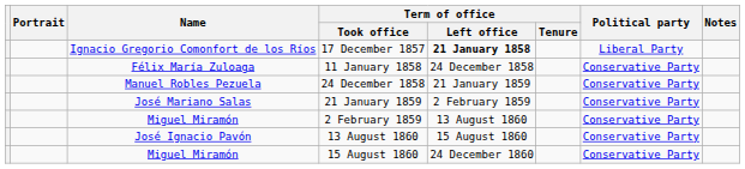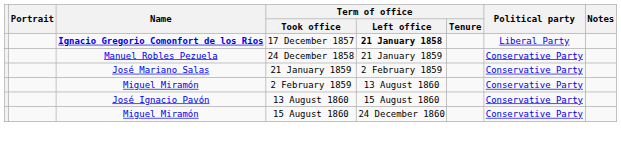 <table class="wikitable" style="text-align:center;">
 <tr>
 <th rowspan="2"></th>
 <th rowspan="2">Portrait</th>
 <th rowspan="2">Name<br></th>
 <th colspan="3">Term of office</th>
 <th rowspan="2">Political party</th>
 <th rowspan="2">Notes</th>
 </tr>
 <tr>
 <th>Took office</th>
 <th>Left office</th>
 <th>Tenure</th>
 </tr>
 <tr>
 <th style="background:"></th>
 <td></td>
-<td><a href='#'>Ignacio Gregorio Comonfort de los Ríos</a><br></td>
+<td><strong><a href='#'>Ignacio Gregorio Comonfort de los Ríos</a><br></strong></td>
 <td>17 December 1857</td>
 <td><strong>21 January 1858</strong></td>
 <td></td>
 <td><a href='#'>Liberal Party</a></td>
-<td></td>
-</tr>
-<tr>
-<th style="background:"></th>
-<td></td>
-<td><a href='#'>Félix María Zuloaga</a><br></td>
-<td>11 January 1858</td>
-<td>24 December 1858</td>
-<td></td>
-<td><a href='#'>Conservative Party</a></td>
 <td></td>
 </tr>
 <tr>
 <th style="background:"></th>
 <td></td>
 <td><a href='#'>Manuel Robles Pezuela</a><br></td>
 <td>24 December 1858</td>
 <td>21 January 1859</td>
 <td></td>
 <td><a href='#'>Conservative Party</a></td>
 <td></td>
 </tr>
 <tr>
 <th style="background:"></th>
 <td></td>
 <td><a href='#'>José Mariano Salas</a><br></td>
 <td>21 January 1859</td>
 <td>2 February 1859</td>
 <td></td>
 <td><a href='#'>Conservative Party</a></td>
 <td></td>
 </tr>
 <tr>
 <th style="background:"></th>
 <td></td>
 <td><a href='#'>Miguel Miramón</a><br></td>
 <td>2 February 1859</td>
 <td>13 August 1860</td>
 <td></td>
 <td><a href='#'>Conservative Party</a></td>
 <td></td>
 </tr>
 <tr>
 <th style="background:"></th>
 <td></td>
 <td><a href='#'>José Ignacio Pavón</a><br></td>
 <td>13 August 1860</td>
 <td>15 August 1860</td>
 <td></td>
 <td><a href='#'>Conservative Party</a></td>
 <td></td>
 </tr>
 <tr>
 <th style="background:"></th>
 <td></td>
 <td><a href='#'>Miguel Miramón</a><br></td>
 <td>15 August 1860</td>
 <td>24 December 1860</td>
 <td></td>
 <td><a href='#'>Conservative Party</a></td>
 <td></td>
 </tr>
 </table>
